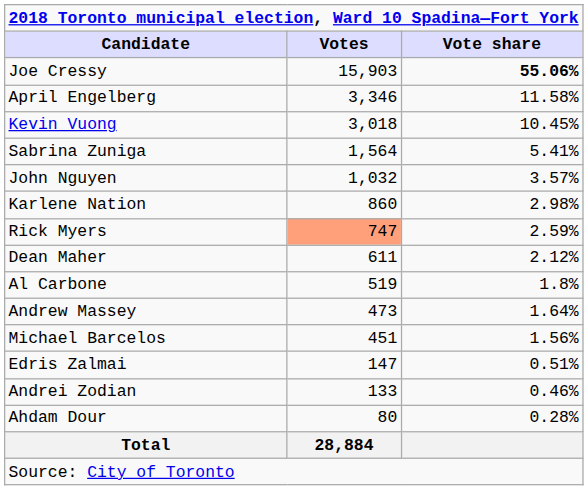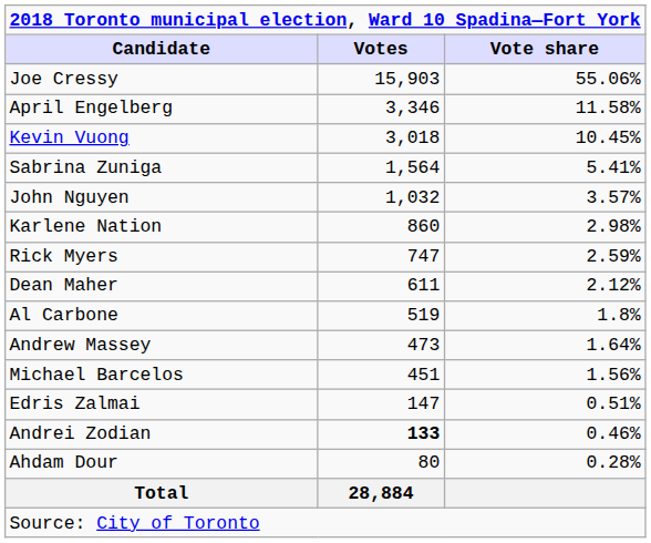 <table class="wikitable plainrowheaders">
 <tr>
 <td colspan="3"><strong><a href='#'>2018 Toronto municipal election</a>, <a href='#'>Ward 10 Spadina—Fort York</a></strong></td>
 </tr>
 <tr>
 <th scope="col" style="background:#ddf;">Candidate</th>
 <th scope="col" style="background:#ddf;">Votes</th>
 <th scope="col" style="background:#ddf;">Vote share</th>
 </tr>
 <tr>
 <td scope="row">Joe Cressy</td>
 <td align="right">15,903</td>
-<td align="right"><strong>55.06%</strong></td>
+<td align="right">55.06%</td>
 </tr>
 <tr>
 <td scope="row">April Engelberg</td>
 <td align="right">3,346</td>
 <td align="right">11.58%</td>
 </tr>
 <tr>
 <td scope="row"><a href='#'>Kevin Vuong</a></td>
 <td align="right">3,018</td>
 <td align="right">10.45%</td>
 </tr>
 <tr>
 <td scope="row">Sabrina Zuniga</td>
 <td align="right">1,564</td>
 <td align="right">5.41%</td>
 </tr>
 <tr>
 <td scope="row">John Nguyen</td>
 <td align="right">1,032</td>
 <td align="right">3.57%</td>
 </tr>
 <tr>
 <td scope="row">Karlene Nation</td>
 <td align="right">860</td>
 <td align="right">2.98%</td>
 </tr>
 <tr>
 <td scope="row">Rick Myers</td>
-<td align="right" style="background: lightsalmon;">747</td>
+<td align="right">747</td>
 <td align="right">2.59%</td>
 </tr>
 <tr>
 <td scope="row">Dean Maher</td>
 <td align="right">611</td>
 <td align="right">2.12%</td>
 </tr>
 <tr>
 <td>Al Carbone</td>
 <td align="right">519</td>
 <td align="right">1.8%</td>
 </tr>
 <tr>
 <td>Andrew Massey</td>
 <td align="right">473</td>
 <td align="right">1.64%</td>
 </tr>
 <tr>
 <td>Michael Barcelos</td>
 <td align="right">451</td>
 <td align="right">1.56%</td>
 </tr>
 <tr>
 <td>Edris Zalmai</td>
 <td align="right">147</td>
 <td align="right">0.51%</td>
 </tr>
 <tr>
 <td>Andrei Zodian</td>
-<td align="right">133</td>
+<td align="right"><strong>133</strong></td>
 <td align="right">0.46%</td>
 </tr>
 <tr>
 <td>Ahdam Dour</td>
 <td align="right">80</td>
 <td align="right">0.28%</td>
 </tr>
 <tr>
 <th scope="row">Total</th>
 <th align="right">28,884</th>
 <th align="right"></th>
 </tr>
 <tr>
 <td colspan="3">Source: <a href='#'>City of Toronto</a></td>
 </tr>
 </table>
